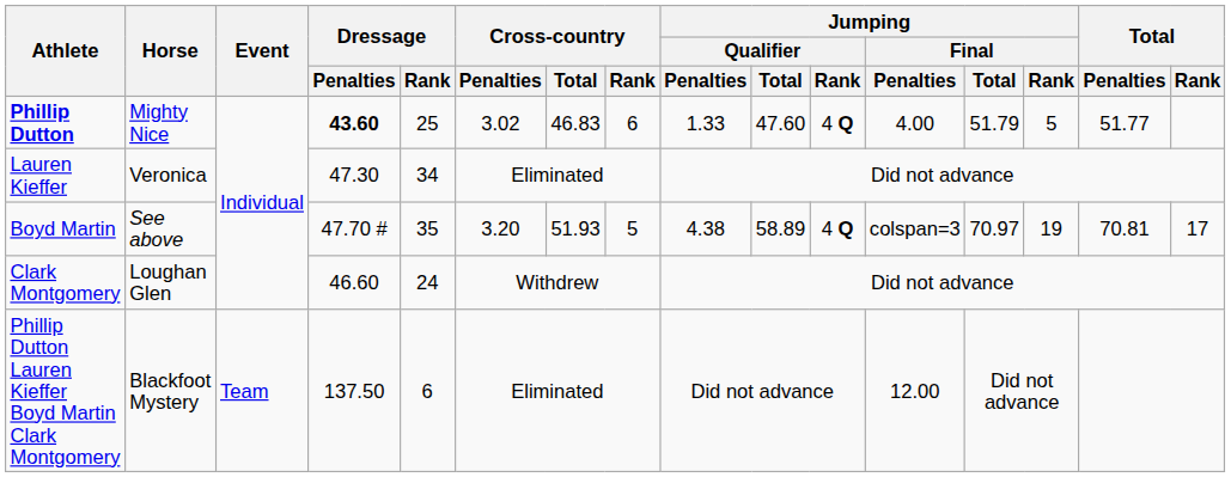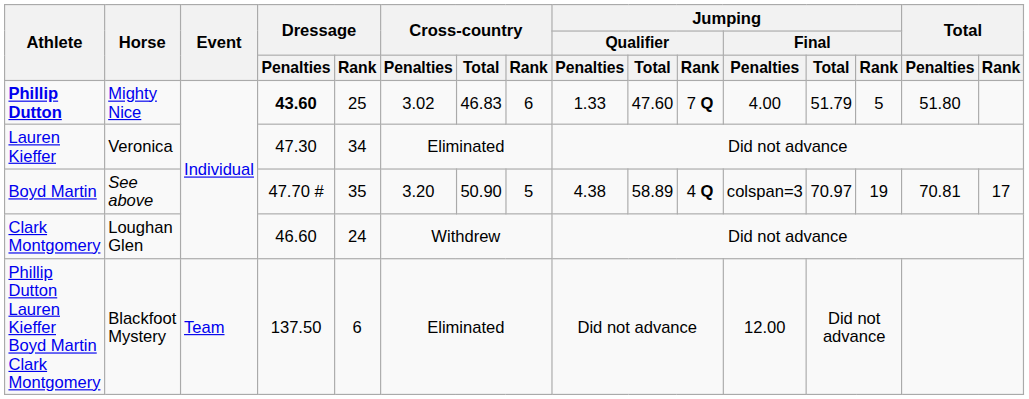 <table class=wikitable style=font-size:90%;text-align:center>
 <tr>
 <th rowspan=3>Athlete</th>
 <th rowspan=3>Horse</th>
 <th rowspan=3>Event</th>
 <th colspan=2 rowspan=2>Dressage</th>
 <th colspan=3 rowspan=2>Cross-country</th>
 <th colspan=6>Jumping</th>
 <th colspan=2 rowspan=2>Total</th>
 </tr>
 <tr style=font-size:95%>
 <th colspan=3>Qualifier</th>
 <th colspan=3>Final</th>
 </tr>
 <tr style=font-size:95%>
 <th>Penalties</th>
 <th>Rank</th>
 <th>Penalties</th>
 <th>Total</th>
 <th>Rank</th>
 <th>Penalties</th>
 <th>Total</th>
 <th>Rank</th>
 <th>Penalties</th>
 <th>Total</th>
 <th>Rank</th>
 <th>Penalties</th>
 <th>Rank</th>
 </tr>
 <tr>
 <td align=left><strong><a href='#'>Phillip Dutton</a></strong></td>
 <td align=left><a href='#'>Mighty Nice</a></td>
 <td align=left rowspan=4><a href='#'>Individual</a></td>
 <td><strong>43.60</strong></td>
 <td>25</td>
 <td>3.02</td>
 <td>46.83</td>
 <td>6</td>
 <td>1.33</td>
 <td>47.60</td>
-<td>4 <strong>Q</strong></td>
+<td>7 <strong>Q</strong></td>
 <td>4.00</td>
 <td>51.79</td>
 <td>5</td>
-<td>51.77</td>
+<td>51.80</td>
 <td></td>
 </tr>
 <tr>
 <td align=left><a href='#'>Lauren Kieffer</a></td>
 <td align=left>Veronica</td>
 <td>47.30</td>
 <td>34</td>
 <td colspan=3>Eliminated</td>
 <td colspan=8>Did not advance</td>
 </tr>
 <tr>
 <td align=left><a href='#'>Boyd Martin</a></td>
 <td align=left><em>See above</em></td>
 <td>47.70 #</td>
 <td>35</td>
 <td>3.20</td>
-<td>51.93</td>
+<td>50.90</td>
 <td>5</td>
 <td>4.38</td>
 <td>58.89</td>
 <td>4 <strong>Q</strong></td>
 <td>colspan=3 </td>
 <td>70.97</td>
 <td>19</td>
 <td>70.81</td>
 <td>17</td>
 </tr>
 <tr>
 <td align=left><a href='#'>Clark Montgomery</a></td>
 <td align=left>Loughan Glen</td>
 <td>46.60</td>
 <td>24</td>
 <td colspan=3>Withdrew</td>
 <td colspan=8>Did not advance</td>
 </tr>
 <tr>
 <td align=left><a href='#'>Phillip Dutton</a><br><a href='#'>Lauren Kieffer</a><br><a href='#'>Boyd Martin</a><br><a href='#'>Clark Montgomery</a></td>
 <td align=left>Blackfoot Mystery</td>
 <td align=left><a href='#'>Team</a></td>
 <td>137.50</td>
 <td>6</td>
 <td colspan=3>Eliminated</td>
 <td colspan=3>Did not advance</td>
 <td>12.00</td>
 <td colspan=2>Did not advance</td>
 </tr>
 </table>
